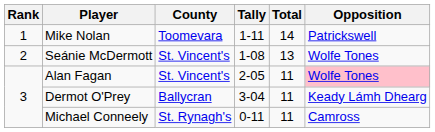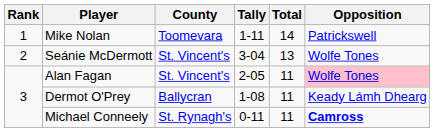 <table class="wikitable">
 <tr>
 <th>Rank</th>
 <th>Player</th>
 <th>County</th>
 <th>Tally</th>
 <th>Total</th>
 <th>Opposition</th>
 </tr>
 <tr>
 <td rowspan=1 align=center>1</td>
 <td>Mike Nolan</td>
 <td><a href='#'>Toomevara</a></td>
 <td align=center>1-11</td>
 <td align=center>14</td>
 <td><a href='#'>Patrickswell</a></td>
 </tr>
 <tr>
 <td rowspan=1 align=center>2</td>
 <td>Seánie McDermott</td>
 <td><a href='#'>St. Vincent's</a></td>
-<td align=center>1-08</td>
+<td align=center>3-04</td>
 <td align=center>13</td>
 <td><a href='#'>Wolfe Tones</a></td>
 </tr>
 <tr>
 <td rowspan=3 align=center>3</td>
 <td>Alan Fagan</td>
 <td><a href='#'>St. Vincent's</a></td>
 <td align=center>2-05</td>
 <td align=center>11</td>
 <td style="background: pink;"><a href='#'>Wolfe Tones</a></td>
 </tr>
 <tr>
 <td>Dermot O'Prey</td>
 <td><a href='#'>Ballycran</a></td>
-<td align=center>3-04</td>
+<td align=center>1-08</td>
 <td align=center>11</td>
 <td><a href='#'>Keady Lámh Dhearg</a></td>
 </tr>
 <tr>
 <td>Michael Conneely</td>
 <td><a href='#'>St. Rynagh's</a></td>
 <td align=center>0-11</td>
 <td align=center>11</td>
-<td><a href='#'>Camross</a></td>
+<td><strong><a href='#'>Camross</a></strong></td>
 </tr>
 </table>
